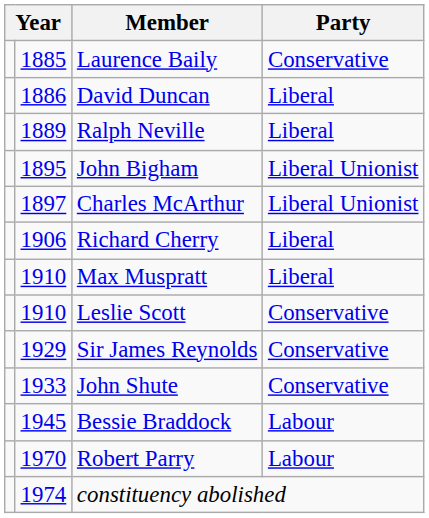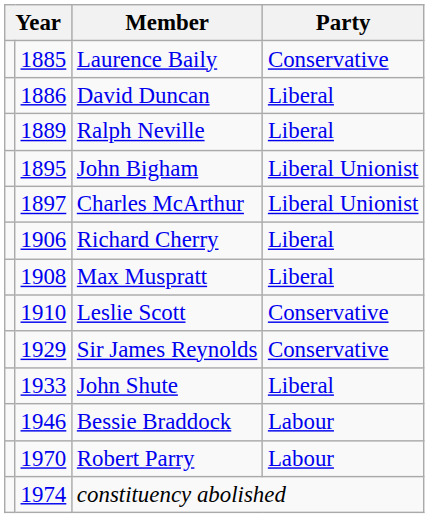 <table class="wikitable">
 <tr>
 <th colspan="2">Year</th>
 <th>Member</th>
 <th>Party</th>
 </tr>
 <tr>
 <td style="color:inherit;background-color: "></td>
 <td><a href='#'>1885</a></td>
 <td><a href='#'>Laurence Baily</a></td>
 <td><a href='#'>Conservative</a></td>
 </tr>
 <tr>
 <td style="color:inherit;background-color: "></td>
 <td><a href='#'>1886</a></td>
 <td><a href='#'>David Duncan</a></td>
 <td><a href='#'>Liberal</a></td>
 </tr>
 <tr>
 <td style="color:inherit;background-color: "></td>
 <td><a href='#'>1889</a></td>
 <td><a href='#'>Ralph Neville</a></td>
 <td><a href='#'>Liberal</a></td>
 </tr>
 <tr>
 <td style="color:inherit;background-color: "></td>
 <td><a href='#'>1895</a></td>
 <td><a href='#'>John Bigham</a></td>
 <td><a href='#'>Liberal Unionist</a></td>
 </tr>
 <tr>
 <td style="color:inherit;background-color: "></td>
 <td><a href='#'>1897</a></td>
 <td><a href='#'>Charles McArthur</a></td>
 <td><a href='#'>Liberal Unionist</a></td>
 </tr>
 <tr>
 <td style="color:inherit;background-color: "></td>
 <td><a href='#'>1906</a></td>
 <td><a href='#'>Richard Cherry</a></td>
 <td><a href='#'>Liberal</a></td>
 </tr>
 <tr>
 <td style="color:inherit;background-color: "></td>
-<td><a href='#'>1910</a></td>
+<td><a href='#'>1908</a></td>
 <td><a href='#'>Max Muspratt</a></td>
 <td><a href='#'>Liberal</a></td>
 </tr>
 <tr>
 <td style="color:inherit;background-color: "></td>
 <td><a href='#'>1910</a></td>
 <td><a href='#'>Leslie Scott</a></td>
 <td><a href='#'>Conservative</a></td>
 </tr>
 <tr>
 <td style="color:inherit;background-color: "></td>
 <td><a href='#'>1929</a></td>
 <td><a href='#'>Sir James Reynolds</a></td>
 <td><a href='#'>Conservative</a></td>
 </tr>
 <tr>
 <td style="color:inherit;background-color: "></td>
 <td><a href='#'>1933</a></td>
 <td><a href='#'>John Shute</a></td>
-<td><a href='#'>Conservative</a></td>
+<td><a href='#'>Liberal</a></td>
 </tr>
 <tr>
 <td style="color:inherit;background-color: "></td>
-<td><a href='#'>1945</a></td>
+<td><a href='#'>1946</a></td>
 <td><a href='#'>Bessie Braddock</a></td>
 <td><a href='#'>Labour</a></td>
 </tr>
 <tr>
 <td style="color:inherit;background-color: "></td>
 <td><a href='#'>1970</a></td>
 <td><a href='#'>Robert Parry</a></td>
 <td><a href='#'>Labour</a></td>
 </tr>
 <tr>
 <td></td>
 <td><a href='#'>1974</a></td>
 <td colspan="2"><em>constituency abolished</em></td>
 </tr>
 </table>
